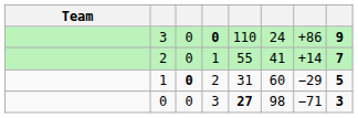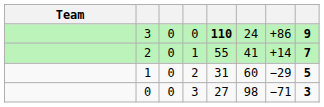 <table class="wikitable" style="text-align:center;">
 <tr>
 <th style="width:10.5em;">Team</th>
 <th style="width:1.5em;"></th>
 <th style="width:1.5em;"></th>
 <th style="width:1.5em;"></th>
 <th style="width:2.0em;"></th>
 <th style="width:2.0em;"></th>
 <th style="width:2.0em;"></th>
 <th style="width:1.5em;"></th>
 </tr>
 <tr bgcolor=#BBF3BB>
 <td align="left"></td>
 <td>3</td>
 <td>0</td>
-<td><strong>0</strong></td>
-<td>110</td>
+<td>0</td>
+<td><strong>110</strong></td>
 <td>24</td>
 <td>+86</td>
 <td><strong>9</strong></td>
 </tr>
 <tr bgcolor=#BBF3BB>
 <td align="left"></td>
 <td>2</td>
 <td>0</td>
 <td>1</td>
 <td>55</td>
 <td>41</td>
 <td>+14</td>
 <td><strong>7</strong></td>
 </tr>
 <tr>
 <td align="left"></td>
 <td>1</td>
-<td><strong>0</strong></td>
+<td>0</td>
 <td>2</td>
 <td>31</td>
 <td>60</td>
 <td>−29</td>
 <td><strong>5</strong></td>
 </tr>
 <tr>
 <td align="left"></td>
 <td>0</td>
 <td>0</td>
 <td>3</td>
-<td><strong>27</strong></td>
+<td>27</td>
 <td>98</td>
 <td>−71</td>
 <td><strong>3</strong></td>
 </tr>
 </table>
